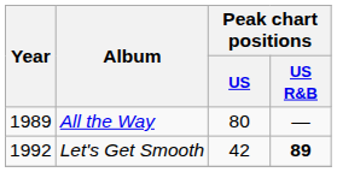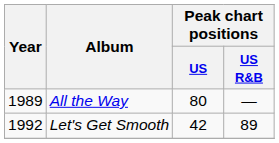 <table class="wikitable">
 <tr>
 <th scope="col" rowspan="2">Year</th>
 <th scope="col" rowspan="2">Album</th>
 <th scope="col" colspan="2">Peak chart positions</th>
 </tr>
 <tr>
 <th style="width:45px;"><small><a href='#'>US</a></small><br></th>
 <th style="width:45px;"><small><a href='#'>US R&B</a></small><br></th>
 </tr>
 <tr>
 <td>1989</td>
 <td><em><a href='#'>All the Way</a></em></td>
 <td align=center>80</td>
 <td align=center>—</td>
 </tr>
 <tr>
 <td>1992</td>
 <td><em>Let's Get Smooth</em></td>
 <td align=center>42</td>
-<td align=center><strong>89</strong></td>
+<td align=center>89</td>
 </tr>
 <tr>
 </tr>
 </table>
